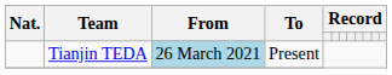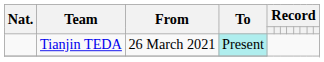 <table class="wikitable" style="text-align: center">
 <tr>
 <th rowspan=2>Nat.</th>
 <th rowspan=2>Team</th>
 <th rowspan=2>From</th>
 <th rowspan=2>To</th>
 <th colspan=8>Record</th>
 </tr>
 <tr>
 <th></th>
 <th></th>
 <th></th>
 <th></th>
 <th></th>
 <th></th>
 <th></th>
 <th></th>
 </tr>
 <tr>
 <td></td>
 <td><a href='#'>Tianjin TEDA</a></td>
-<td style="background: lightblue;">26 March 2021</td>
-<td>Present<br></td>
+<td>26 March 2021</td>
+<td style="background: paleturquoise;">Present<br></td>
 </tr>
 <tr>
 </tr>
 </table>
